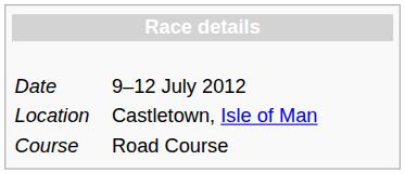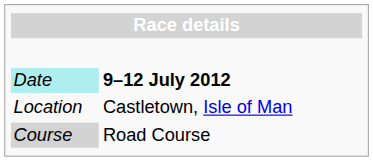 <table class="infobox" align="right" cellpadding="2" style="float:right; width: 20em;">
 <tr>
 </tr>
 <tr>
 <th colspan="3" style="background:lightgrey; color:#ffffff;">Race details</th>
 </tr>
 <tr>
 <td colspan="3" style="text-align:center;"><br></td>
 </tr>
 <tr>
-<td style="width: 25%;"><em>Date</em></td>
-<td>9–12 July 2012</td>
+<td style="background: paleturquoise; width: 25%;"><em>Date</em></td>
+<td><strong>9–12 July 2012</strong></td>
 </tr>
 <tr>
 <td><em>Location</em></td>
 <td colspan=3>Castletown, <a href='#'>Isle of Man</a></td>
 </tr>
 <tr>
-<td><em>Course</em></td>
+<td style="background: lightgrey;"><em>Course</em></td>
 <td colspan=3>Road Course <br> </td>
 </tr>
 <tr>
 </tr>
 </table>
